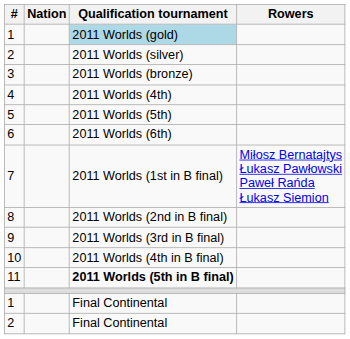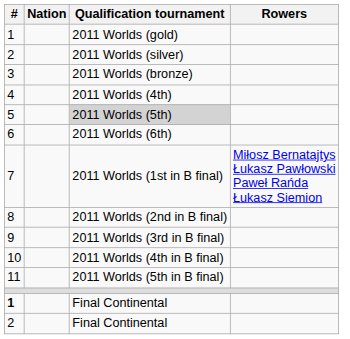 <table class="wikitable">
 <tr>
 <th>#</th>
 <th>Nation</th>
 <th>Qualification tournament</th>
 <th>Rowers</th>
 </tr>
 <tr>
 <td>1</td>
 <td></td>
-<td style="background: lightblue;">2011 Worlds (gold)</td>
+<td>2011 Worlds (gold)</td>
 <td></td>
 </tr>
 <tr>
 <td>2</td>
 <td></td>
 <td>2011 Worlds (silver)</td>
 <td></td>
 </tr>
 <tr>
 <td>3</td>
 <td></td>
 <td>2011 Worlds (bronze)</td>
 <td></td>
 </tr>
 <tr>
 <td>4</td>
 <td></td>
 <td>2011 Worlds (4th)</td>
 <td></td>
 </tr>
 <tr>
 <td>5</td>
 <td></td>
-<td>2011 Worlds (5th)</td>
+<td style="background: lightgrey;">2011 Worlds (5th)</td>
 <td></td>
 </tr>
 <tr>
 <td>6</td>
 <td></td>
 <td>2011 Worlds (6th)</td>
 <td></td>
 </tr>
 <tr>
 <td>7</td>
 <td></td>
 <td>2011 Worlds (1st in B final)</td>
 <td><a href='#'>Miłosz Bernatajtys</a><br><a href='#'>Łukasz Pawłowski</a><br><a href='#'>Paweł Rańda</a><br><a href='#'>Łukasz Siemion</a></td>
 </tr>
 <tr>
 <td>8</td>
 <td></td>
 <td>2011 Worlds (2nd in B final)</td>
 <td></td>
 </tr>
 <tr>
 <td>9</td>
 <td></td>
 <td>2011 Worlds (3rd in B final)</td>
 <td></td>
 </tr>
 <tr>
 <td>10</td>
 <td></td>
 <td>2011 Worlds (4th in B final)</td>
 <td></td>
 </tr>
 <tr>
 <td>11</td>
 <td></td>
-<td><strong>2011 Worlds (5th in B final)</strong></td>
+<td>2011 Worlds (5th in B final)</td>
 <td></td>
 </tr>
 <tr bgcolor=#DDDDDD>
 <td colspan=4></td>
 </tr>
 <tr>
-<td>1</td>
+<td><strong>1</strong></td>
 <td></td>
 <td>Final Continental</td>
 <td></td>
 </tr>
 <tr>
 <td>2</td>
 <td></td>
 <td>Final Continental</td>
 <td></td>
 </tr>
 </table>
